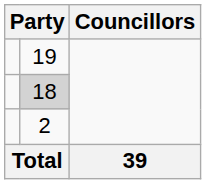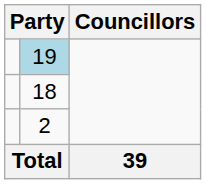 <table class="wikitable">
 <tr>
 <th colspan=2>Party</th>
 <th>Councillors</th>
 </tr>
 <tr>
 <td></td>
-<td align=center>19</td>
+<td align=center style="background: lightblue;">19</td>
 </tr>
 <tr>
 <td></td>
-<td align=center style="background: lightgrey;">18</td>
+<td align=center>18</td>
 </tr>
 <tr>
 <td></td>
 <td align=center>2</td>
 </tr>
 <tr>
 <th colspan=2>Total</th>
 <th align=center>39</th>
 </tr>
 </table>
